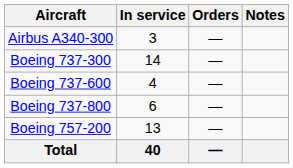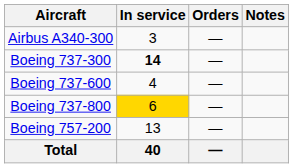 <table class="wikitable" style="margin:1em auto; border-collapse:collapse;text-align:center">
 <tr>
 <th style=>Aircraft</th>
 <th style=>In service</th>
 <th style=>Orders</th>
 <th style=>Notes</th>
 </tr>
 <tr>
 <td><a href='#'>Airbus A340-300</a></td>
 <td>3</td>
 <td>—</td>
 <td></td>
 </tr>
 <tr>
 <td><a href='#'>Boeing 737-300</a></td>
-<td>14</td>
+<td><strong>14</strong></td>
 <td>—</td>
 <td></td>
 </tr>
 <tr>
 <td><a href='#'>Boeing 737-600</a></td>
 <td>4</td>
 <td>—</td>
 <td></td>
 </tr>
 <tr>
 <td><a href='#'>Boeing 737-800</a></td>
-<td>6</td>
+<td style="background: gold;">6</td>
 <td>—</td>
 <td></td>
 </tr>
 <tr>
 <td><a href='#'>Boeing 757-200</a></td>
 <td>13</td>
 <td>—</td>
 <td></td>
 </tr>
 <tr>
 <th>Total</th>
 <th>40</th>
 <th>—</th>
 <th colspan=2></th>
 </tr>
 </table>
